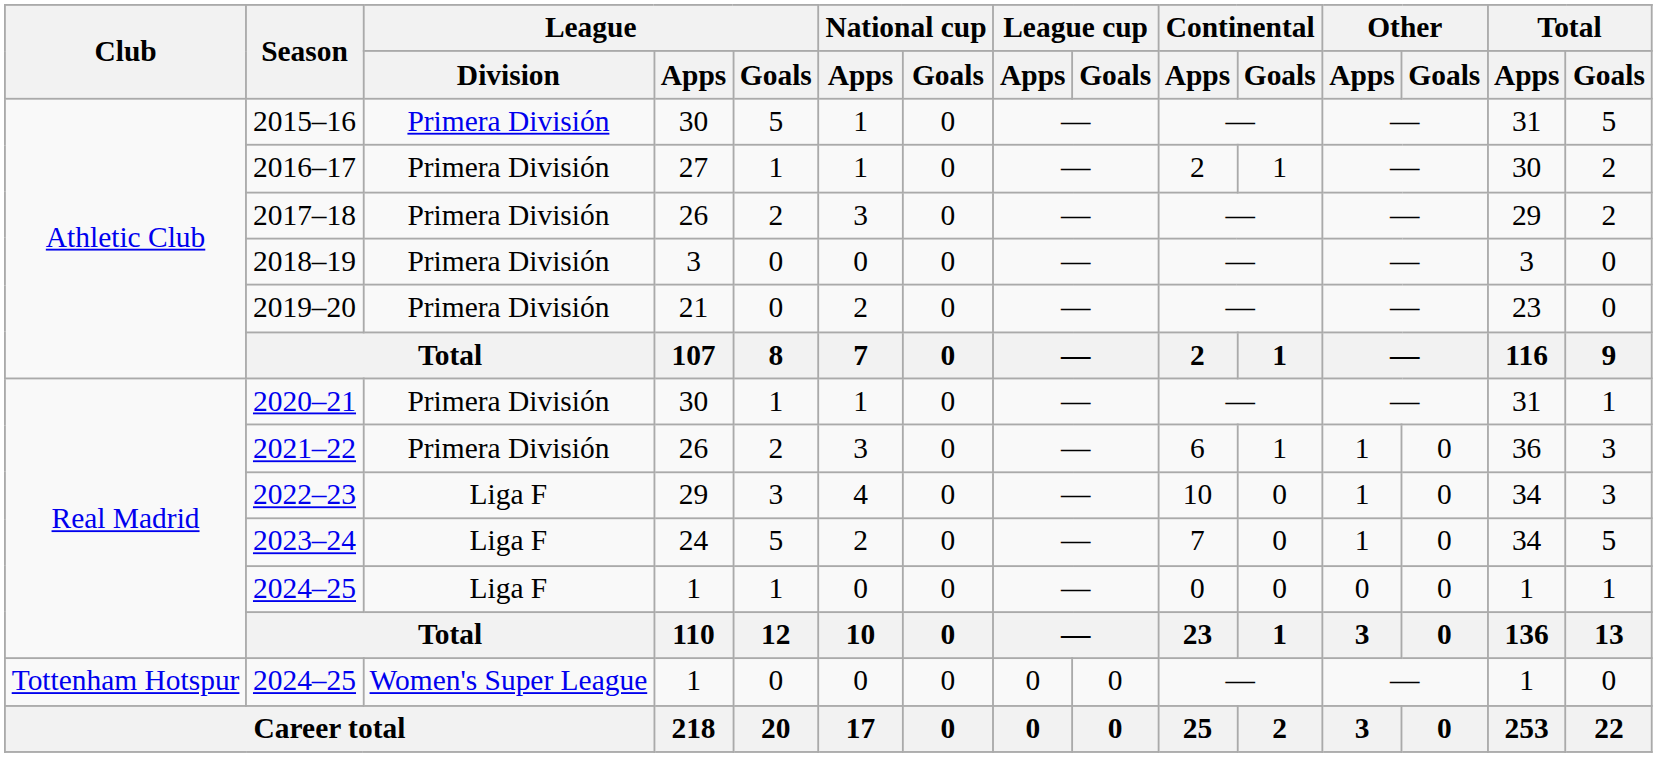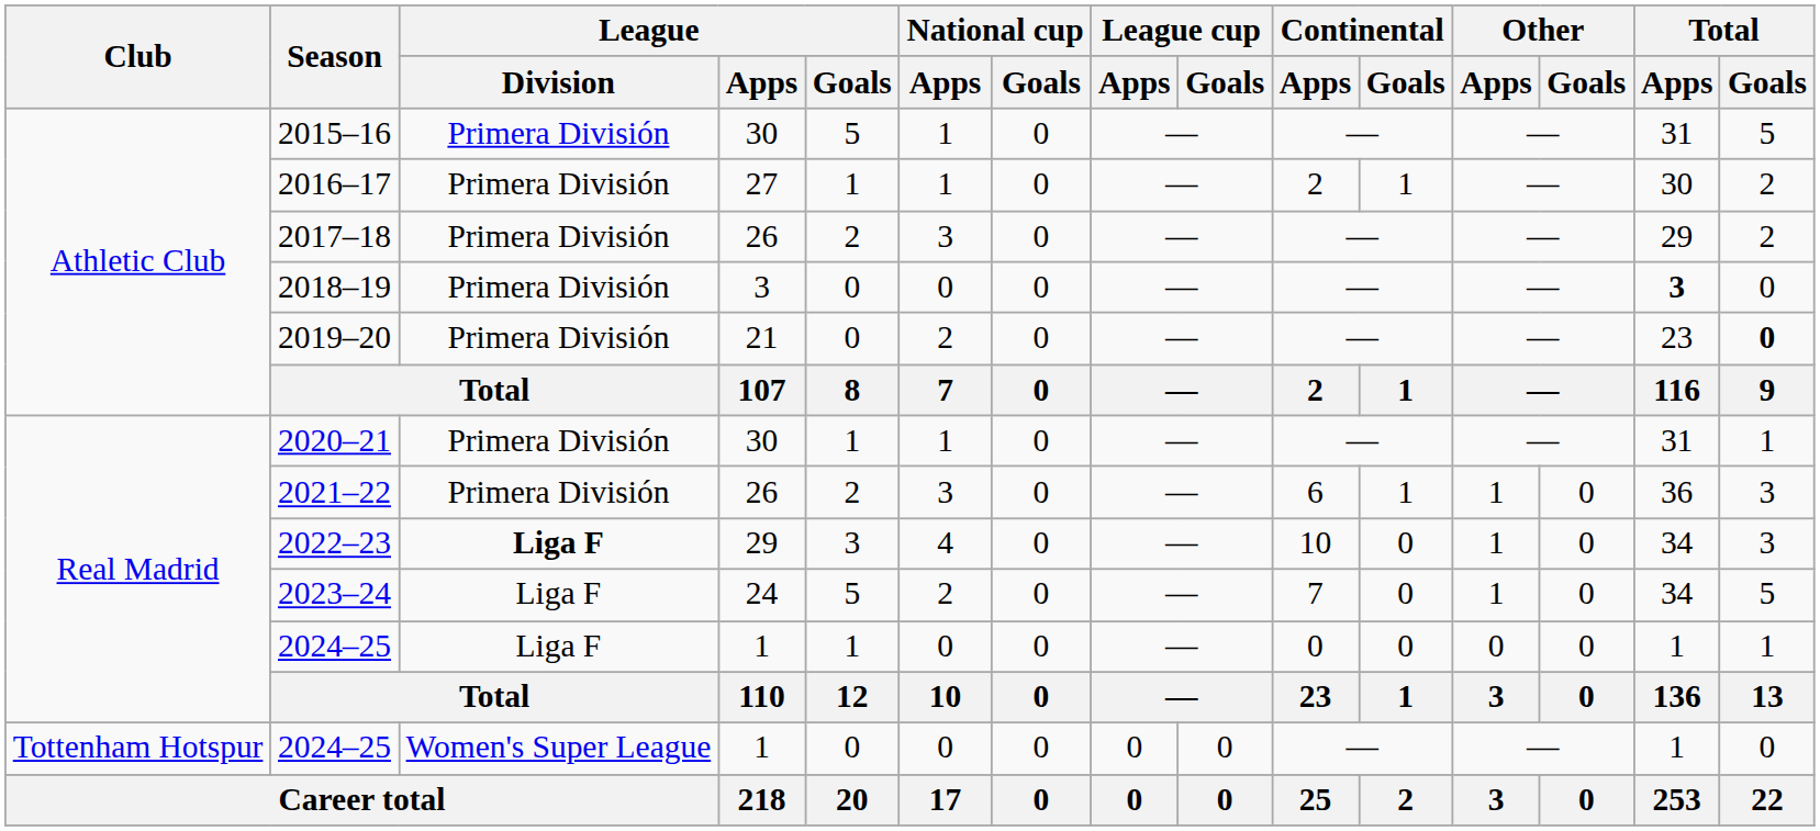 <table class="wikitable" style="text-align:center">
 <tr>
 <th rowspan="2">Club</th>
 <th rowspan="2">Season</th>
 <th colspan="3">League</th>
 <th colspan="2">National cup</th>
 <th colspan="2">League cup</th>
 <th colspan="2">Continental</th>
 <th colspan="2">Other</th>
 <th colspan="2">Total</th>
 </tr>
 <tr>
 <th>Division</th>
 <th>Apps</th>
 <th>Goals</th>
 <th>Apps</th>
 <th>Goals</th>
 <th>Apps</th>
 <th>Goals</th>
 <th>Apps</th>
 <th>Goals</th>
 <th>Apps</th>
 <th>Goals</th>
 <th>Apps</th>
 <th>Goals</th>
 </tr>
 <tr>
 <td rowspan="6"><a href='#'>Athletic Club</a></td>
 <td>2015–16</td>
 <td><a href='#'>Primera División</a></td>
 <td>30</td>
 <td>5</td>
 <td>1</td>
 <td>0</td>
 <td colspan="2">—</td>
 <td colspan="2">—</td>
 <td colspan="2">—</td>
 <td>31</td>
 <td>5</td>
 </tr>
 <tr>
 <td>2016–17</td>
 <td>Primera División</td>
 <td>27</td>
 <td>1</td>
 <td>1</td>
 <td>0</td>
 <td colspan="2">—</td>
 <td>2</td>
 <td>1</td>
 <td colspan="2">—</td>
 <td>30</td>
 <td>2</td>
 </tr>
 <tr>
 <td>2017–18</td>
 <td>Primera División</td>
 <td>26</td>
 <td>2</td>
 <td>3</td>
 <td>0</td>
 <td colspan="2">—</td>
 <td colspan="2">—</td>
 <td colspan="2">—</td>
 <td>29</td>
 <td>2</td>
 </tr>
 <tr>
 <td>2018–19</td>
 <td>Primera División</td>
 <td>3</td>
 <td>0</td>
 <td>0</td>
 <td>0</td>
 <td colspan="2">—</td>
 <td colspan="2">—</td>
 <td colspan="2">—</td>
-<td>3</td>
+<td><strong>3</strong></td>
 <td>0</td>
 </tr>
 <tr>
 <td>2019–20</td>
 <td>Primera División</td>
 <td>21</td>
 <td>0</td>
 <td>2</td>
 <td>0</td>
 <td colspan="2">—</td>
 <td colspan="2">—</td>
 <td colspan="2">—</td>
 <td>23</td>
-<td>0</td>
+<td><strong>0</strong></td>
 </tr>
 <tr>
 <th colspan="2">Total</th>
 <th>107</th>
 <th>8</th>
 <th>7</th>
 <th>0</th>
 <th colspan="2">—</th>
 <th>2</th>
 <th>1</th>
 <th colspan="2">—</th>
 <th>116</th>
 <th>9</th>
 </tr>
 <tr>
 <td rowspan="6"><a href='#'>Real Madrid</a></td>
 <td><a href='#'>2020–21</a></td>
 <td>Primera División</td>
 <td>30</td>
 <td>1</td>
 <td>1</td>
 <td>0</td>
 <td colspan="2">—</td>
 <td colspan="2">—</td>
 <td colspan="2">—</td>
 <td>31</td>
 <td>1</td>
 </tr>
 <tr>
 <td><a href='#'>2021–22</a></td>
 <td>Primera División</td>
 <td>26</td>
 <td>2</td>
 <td>3</td>
 <td>0</td>
 <td colspan="2">—</td>
 <td>6</td>
 <td>1</td>
 <td>1</td>
 <td>0</td>
 <td>36</td>
 <td>3</td>
 </tr>
 <tr>
 <td><a href='#'>2022–23</a></td>
-<td>Liga F</td>
+<td><strong>Liga F</strong></td>
 <td>29</td>
 <td>3</td>
 <td>4</td>
 <td>0</td>
 <td colspan="2">—</td>
 <td>10</td>
 <td>0</td>
 <td>1</td>
 <td>0</td>
 <td>34</td>
 <td>3</td>
 </tr>
 <tr>
 <td><a href='#'>2023–24</a></td>
 <td>Liga F</td>
 <td>24</td>
 <td>5</td>
 <td>2</td>
 <td>0</td>
 <td colspan="2">—</td>
 <td>7</td>
 <td>0</td>
 <td>1</td>
 <td>0</td>
 <td>34</td>
 <td>5</td>
 </tr>
 <tr>
 <td><a href='#'>2024–25</a></td>
 <td>Liga F</td>
 <td>1</td>
 <td>1</td>
 <td>0</td>
 <td>0</td>
 <td colspan="2">—</td>
 <td>0</td>
 <td>0</td>
 <td>0</td>
 <td>0</td>
 <td>1</td>
 <td>1</td>
 </tr>
 <tr>
 <th colspan="2">Total</th>
 <th>110</th>
 <th>12</th>
 <th>10</th>
 <th>0</th>
 <th colspan="2">—</th>
 <th>23</th>
 <th>1</th>
 <th>3</th>
 <th>0</th>
 <th>136</th>
 <th>13</th>
 </tr>
 <tr>
 <td><a href='#'>Tottenham Hotspur</a></td>
 <td><a href='#'>2024–25</a></td>
 <td><a href='#'>Women's Super League</a></td>
 <td>1</td>
 <td>0</td>
 <td>0</td>
 <td>0</td>
 <td>0</td>
 <td>0</td>
 <td colspan="2">—</td>
 <td colspan="2">—</td>
 <td>1</td>
 <td>0</td>
 </tr>
 <tr>
 <th colspan="3">Career total</th>
 <th>218</th>
 <th>20</th>
 <th>17</th>
 <th>0</th>
 <th>0</th>
 <th>0</th>
 <th>25</th>
 <th>2</th>
 <th>3</th>
 <th>0</th>
 <th>253</th>
 <th>22</th>
 </tr>
 </table>
